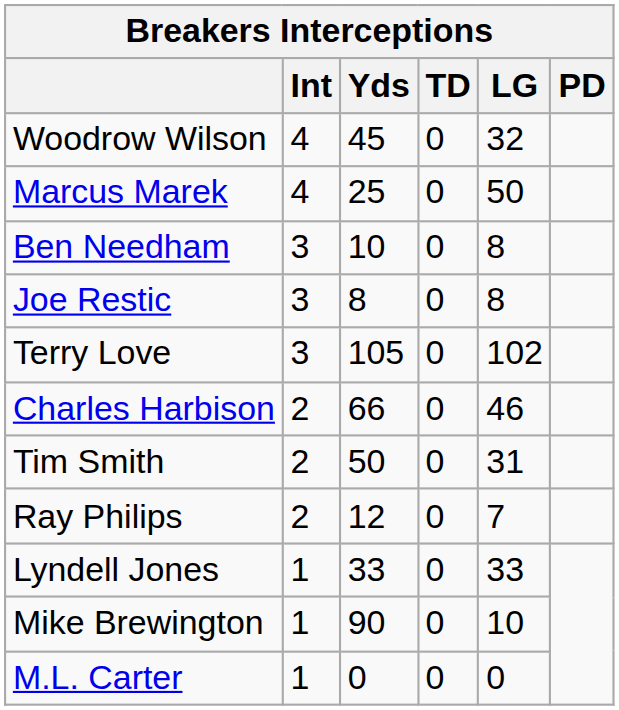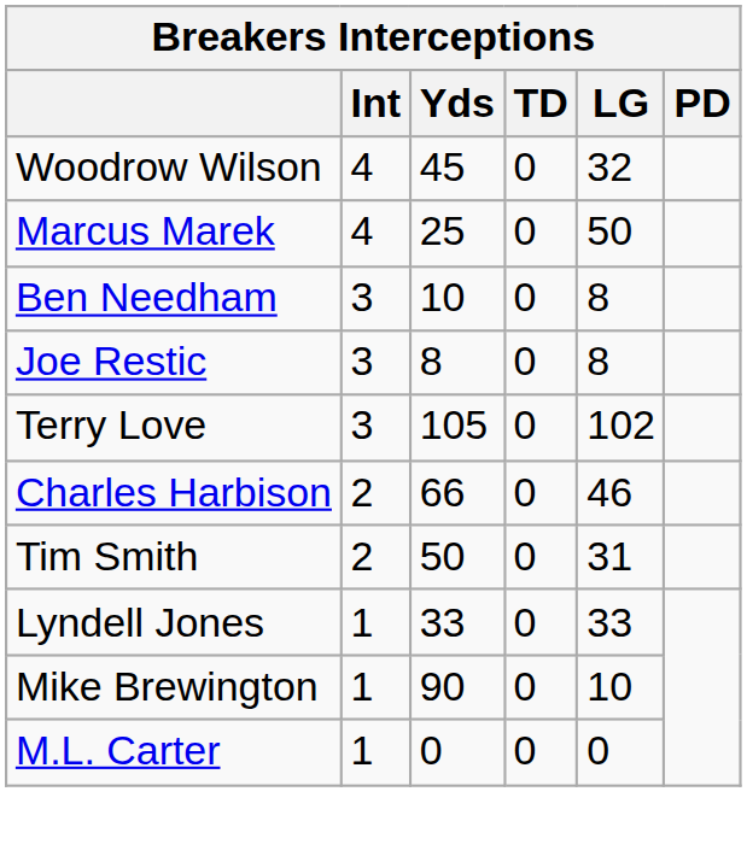 <table class="wikitable">
 <tr>
 <th colspan="6">Breakers Interceptions</th>
 </tr>
 <tr>
 <th></th>
 <th>Int</th>
 <th>Yds</th>
 <th>TD</th>
 <th>LG</th>
 <th>PD</th>
 </tr>
 <tr>
 <td>Woodrow Wilson</td>
 <td>4</td>
 <td>45</td>
 <td>0</td>
 <td>32</td>
 <td></td>
 </tr>
 <tr>
 <td><a href='#'>Marcus Marek</a></td>
 <td>4</td>
 <td>25</td>
 <td>0</td>
 <td>50</td>
 <td></td>
 </tr>
 <tr>
 <td><a href='#'>Ben Needham</a></td>
 <td>3</td>
 <td>10</td>
 <td>0</td>
 <td>8</td>
 <td></td>
 </tr>
 <tr>
 <td><a href='#'>Joe Restic</a></td>
 <td>3</td>
 <td>8</td>
 <td>0</td>
 <td>8</td>
 <td></td>
 </tr>
 <tr>
 <td>Terry Love</td>
 <td>3</td>
 <td>105</td>
 <td>0</td>
 <td>102</td>
 <td></td>
 </tr>
 <tr>
 <td><a href='#'>Charles Harbison</a></td>
 <td>2</td>
 <td>66</td>
 <td>0</td>
 <td>46</td>
 <td></td>
 </tr>
 <tr>
 <td>Tim Smith</td>
 <td>2</td>
 <td>50</td>
 <td>0</td>
 <td>31</td>
 <td></td>
 </tr>
 <tr>
-<td>Ray Philips</td>
-<td>2</td>
-<td>12</td>
-<td>0</td>
-<td>7</td>
-<td></td>
-</tr>
-<tr>
 <td>Lyndell Jones</td>
 <td>1</td>
 <td>33</td>
 <td>0</td>
 <td>33</td>
 </tr>
 <tr>
 <td>Mike Brewington</td>
 <td>1</td>
 <td>90</td>
 <td>0</td>
 <td>10</td>
 </tr>
 <tr>
 <td><a href='#'>M.L. Carter</a></td>
 <td>1</td>
 <td>0</td>
 <td>0</td>
 <td>0</td>
 </tr>
 </table>
